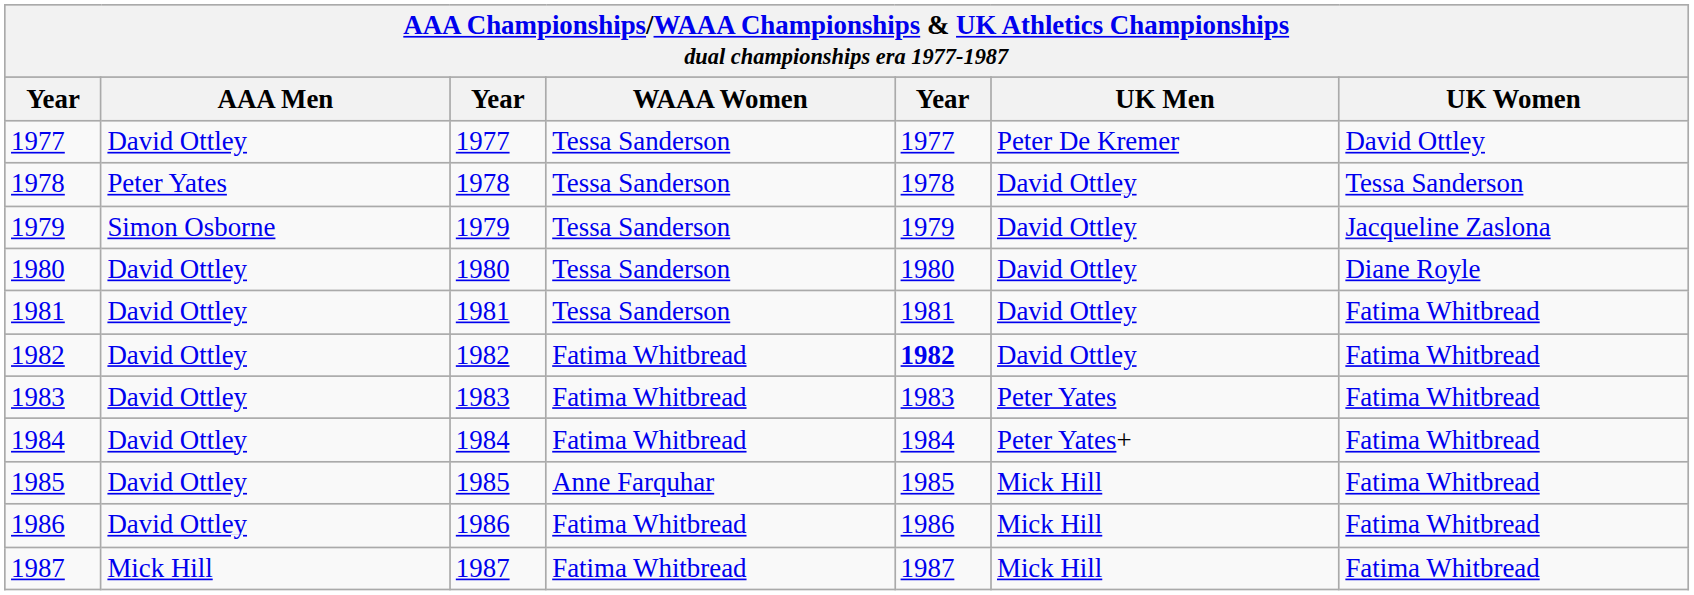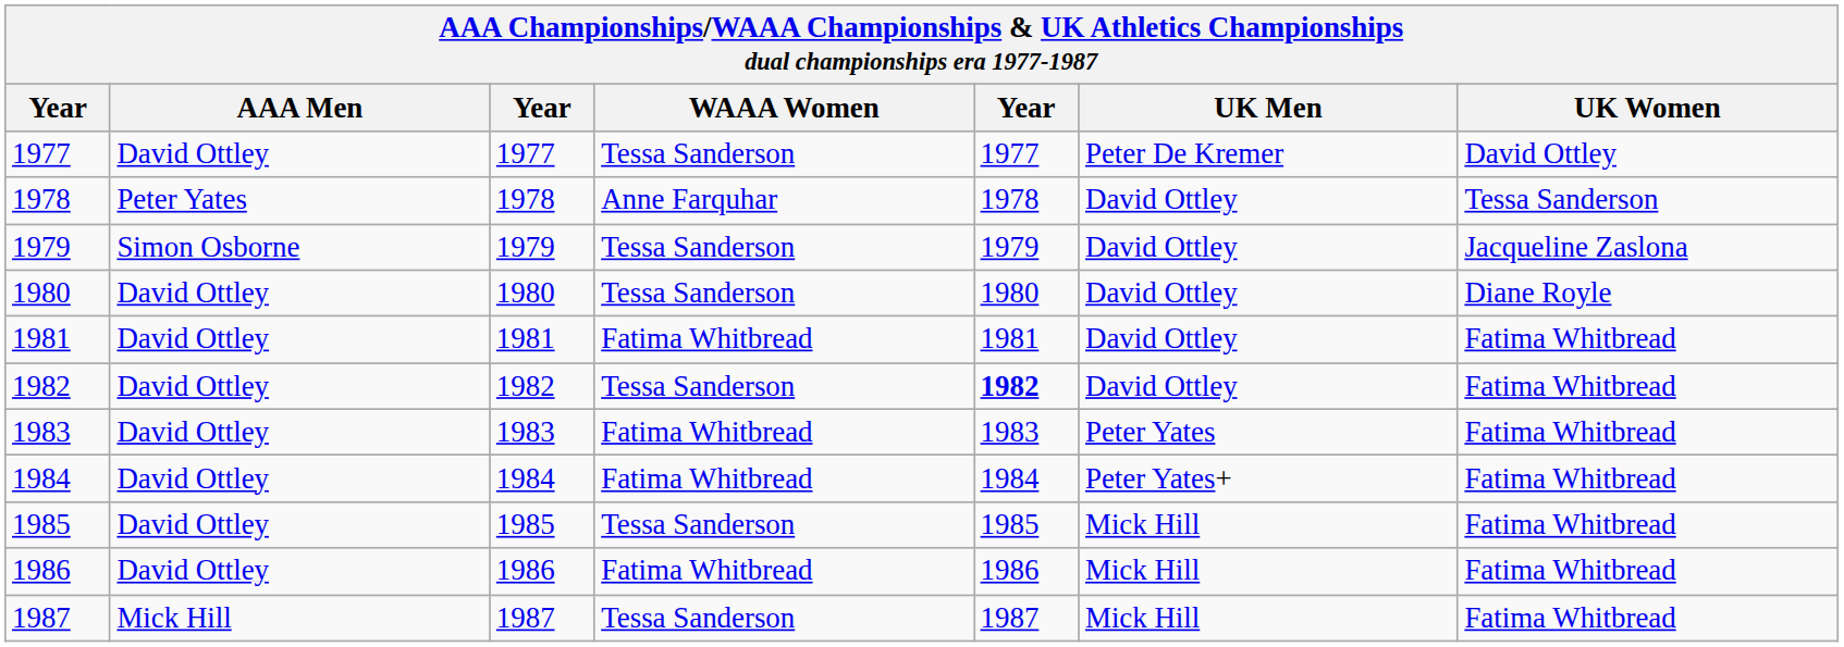 <table class="wikitable">
 <tr>
 <th colspan="7"><a href='#'>AAA Championships</a>/<a href='#'>WAAA Championships</a> & <a href='#'>UK Athletics Championships</a><br><em><small>dual championships era 1977-1987</small></em></th>
 </tr>
 <tr>
 <th width=50>Year</th>
 <th width=200>AAA Men</th>
 <th width=50>Year</th>
 <th width=200>WAAA Women</th>
 <th width=50>Year</th>
 <th width=200>UK Men</th>
 <th width=200>UK Women</th>
 </tr>
 <tr>
 <td><a href='#'>1977</a></td>
 <td><a href='#'>David Ottley</a></td>
 <td><a href='#'>1977</a></td>
 <td><a href='#'>Tessa Sanderson</a></td>
 <td><a href='#'>1977</a></td>
 <td><a href='#'>Peter De Kremer</a></td>
 <td><a href='#'>David Ottley</a></td>
 </tr>
 <tr>
 <td><a href='#'>1978</a></td>
 <td><a href='#'>Peter Yates</a></td>
 <td><a href='#'>1978</a></td>
-<td><a href='#'>Tessa Sanderson</a></td>
+<td><a href='#'>Anne Farquhar</a></td>
 <td><a href='#'>1978</a></td>
 <td><a href='#'>David Ottley</a></td>
 <td><a href='#'>Tessa Sanderson</a></td>
 </tr>
 <tr>
 <td><a href='#'>1979</a></td>
 <td><a href='#'>Simon Osborne</a></td>
 <td><a href='#'>1979</a></td>
 <td><a href='#'>Tessa Sanderson</a></td>
 <td><a href='#'>1979</a></td>
 <td><a href='#'>David Ottley</a></td>
 <td><a href='#'>Jacqueline Zaslona</a></td>
 </tr>
 <tr>
 <td><a href='#'>1980</a></td>
 <td><a href='#'>David Ottley</a></td>
 <td><a href='#'>1980</a></td>
 <td><a href='#'>Tessa Sanderson</a></td>
 <td><a href='#'>1980</a></td>
 <td><a href='#'>David Ottley</a></td>
 <td><a href='#'>Diane Royle</a></td>
 </tr>
 <tr>
 <td><a href='#'>1981</a></td>
 <td><a href='#'>David Ottley</a></td>
 <td><a href='#'>1981</a></td>
-<td><a href='#'>Tessa Sanderson</a></td>
+<td><a href='#'>Fatima Whitbread</a></td>
 <td><a href='#'>1981</a></td>
 <td><a href='#'>David Ottley</a></td>
 <td><a href='#'>Fatima Whitbread</a></td>
 </tr>
 <tr>
 <td><a href='#'>1982</a></td>
 <td><a href='#'>David Ottley</a></td>
 <td><a href='#'>1982</a></td>
-<td><a href='#'>Fatima Whitbread</a></td>
+<td><a href='#'>Tessa Sanderson</a></td>
 <td><strong><a href='#'>1982</a></strong></td>
 <td><a href='#'>David Ottley</a></td>
 <td><a href='#'>Fatima Whitbread</a></td>
 </tr>
 <tr>
 <td><a href='#'>1983</a></td>
 <td><a href='#'>David Ottley</a></td>
 <td><a href='#'>1983</a></td>
 <td><a href='#'>Fatima Whitbread</a></td>
 <td><a href='#'>1983</a></td>
 <td><a href='#'>Peter Yates</a></td>
 <td><a href='#'>Fatima Whitbread</a></td>
 </tr>
 <tr>
 <td><a href='#'>1984</a></td>
 <td><a href='#'>David Ottley</a></td>
 <td><a href='#'>1984</a></td>
 <td><a href='#'>Fatima Whitbread</a></td>
 <td><a href='#'>1984</a></td>
 <td><a href='#'>Peter Yates</a>+</td>
 <td><a href='#'>Fatima Whitbread</a></td>
 </tr>
 <tr>
 <td><a href='#'>1985</a></td>
 <td><a href='#'>David Ottley</a></td>
 <td><a href='#'>1985</a></td>
-<td><a href='#'>Anne Farquhar</a></td>
+<td><a href='#'>Tessa Sanderson</a></td>
 <td><a href='#'>1985</a></td>
 <td><a href='#'>Mick Hill</a></td>
 <td><a href='#'>Fatima Whitbread</a></td>
 </tr>
 <tr>
 <td><a href='#'>1986</a></td>
 <td><a href='#'>David Ottley</a></td>
 <td><a href='#'>1986</a></td>
 <td><a href='#'>Fatima Whitbread</a></td>
 <td><a href='#'>1986</a></td>
 <td><a href='#'>Mick Hill</a></td>
 <td><a href='#'>Fatima Whitbread</a></td>
 </tr>
 <tr>
 <td><a href='#'>1987</a></td>
 <td><a href='#'>Mick Hill</a></td>
 <td><a href='#'>1987</a></td>
-<td><a href='#'>Fatima Whitbread</a></td>
+<td><a href='#'>Tessa Sanderson</a></td>
 <td><a href='#'>1987</a></td>
 <td><a href='#'>Mick Hill</a></td>
 <td><a href='#'>Fatima Whitbread</a></td>
 </tr>
 </table>
